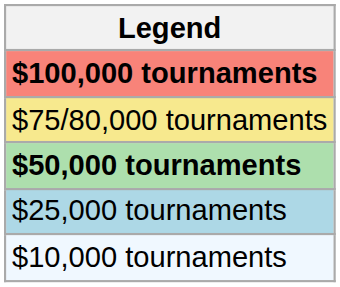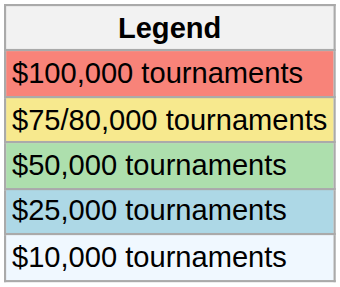 <table class="wikitable" style="font-size:85%;">
 <tr>
 <th>Legend</th>
 </tr>
 <tr style="background:#f88379;">
-<td><strong>$100,000 tournaments</strong></td>
+<td>$100,000 tournaments</td>
 </tr>
 <tr style="background:#f7e98e;">
 <td>$75/80,000 tournaments</td>
 </tr>
 <tr style="background:#addfad;">
-<td><strong>$50,000 tournaments</strong></td>
+<td>$50,000 tournaments</td>
 </tr>
 <tr style="background:lightblue;">
 <td>$25,000 tournaments</td>
 </tr>
 <tr style="background:#f0f8ff;">
 <td>$10,000 tournaments</td>
 </tr>
 </table>
